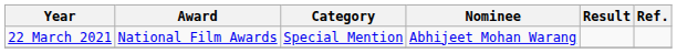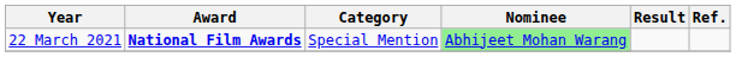 <table class="wikitable plainrowheaders sortable">
 <tr>
 <th scope="col">Year</th>
 <th scope="col">Award</th>
 <th scope="col">Category</th>
 <th scope="col">Nominee</th>
 <th scope="col">Result</th>
 <th scope="col">Ref.</th>
 </tr>
 <tr>
 <td><a href='#'>22 March 2021</a></td>
-<td><a href='#'>National Film Awards</a></td>
+<td><strong><a href='#'>National Film Awards</a></strong></td>
 <td><a href='#'>Special Mention</a></td>
-<td><a href='#'>Abhijeet Mohan Warang</a></td>
+<td style="background: lightgreen;"><a href='#'>Abhijeet Mohan Warang</a></td>
 <td></td>
 <td></td>
 </tr>
 <tr>
 </tr>
 </table>
